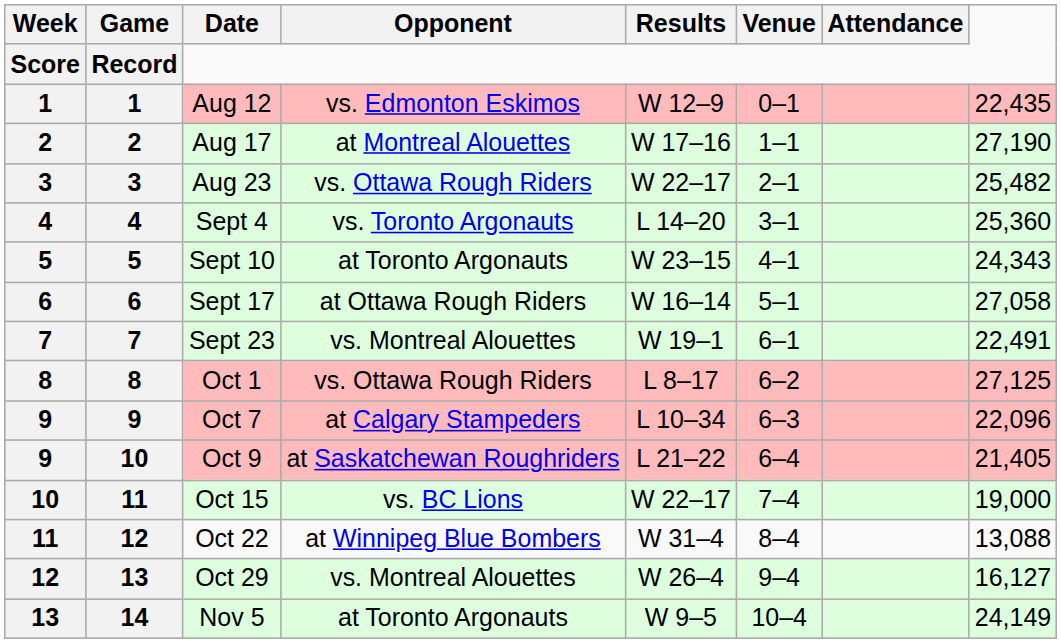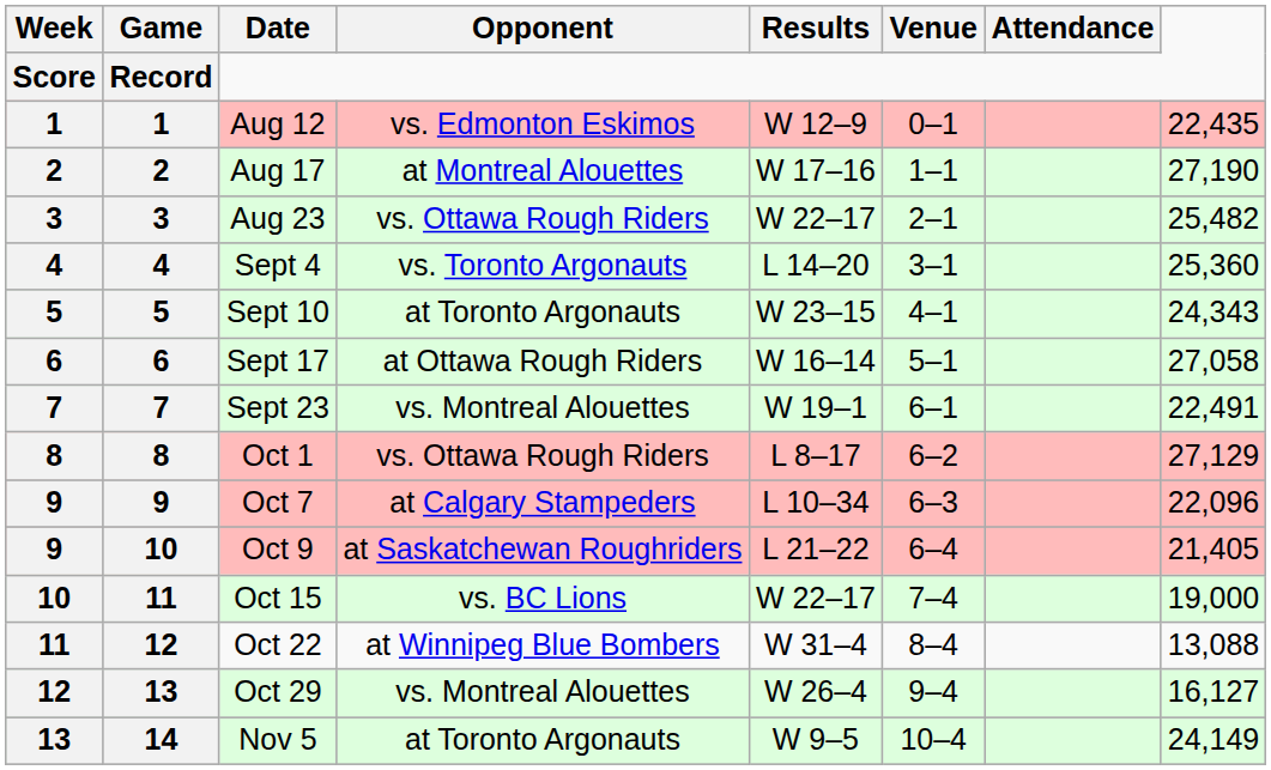 <table class="wikitable" style="text-align:center">
 <tr>
 <th>Week</th>
 <th>Game</th>
 <th>Date</th>
 <th>Opponent</th>
 <th>Results</th>
 <th>Venue</th>
 <th>Attendance</th>
 </tr>
 <tr>
 <th>Score</th>
 <th>Record</th>
 </tr>
 <tr style="background:#ffbbbb">
 <th>1</th>
 <th>1</th>
 <td>Aug 12</td>
 <td>vs. <a href='#'>Edmonton Eskimos</a></td>
 <td>W 12–9</td>
 <td>0–1</td>
 <td></td>
 <td>22,435</td>
 </tr>
 <tr style="background:#ddffdd">
 <th>2</th>
 <th>2</th>
 <td>Aug 17</td>
 <td>at <a href='#'>Montreal Alouettes</a></td>
 <td>W 17–16</td>
 <td>1–1</td>
 <td></td>
 <td>27,190</td>
 </tr>
 <tr style="background:#ddffdd">
 <th>3</th>
 <th>3</th>
 <td>Aug 23</td>
 <td>vs. <a href='#'>Ottawa Rough Riders</a></td>
 <td>W 22–17</td>
 <td>2–1</td>
 <td></td>
 <td>25,482</td>
 </tr>
 <tr style="background:#ddffdd">
 <th>4</th>
 <th>4</th>
 <td>Sept 4</td>
 <td>vs. <a href='#'>Toronto Argonauts</a></td>
 <td>L 14–20</td>
 <td>3–1</td>
 <td></td>
 <td>25,360</td>
 </tr>
 <tr style="background:#ddffdd">
 <th>5</th>
 <th>5</th>
 <td>Sept 10</td>
 <td>at Toronto Argonauts</td>
 <td>W 23–15</td>
 <td>4–1</td>
 <td></td>
 <td>24,343</td>
 </tr>
 <tr style="background:#ddffdd">
 <th>6</th>
 <th>6</th>
 <td>Sept 17</td>
 <td>at Ottawa Rough Riders</td>
 <td>W 16–14</td>
 <td>5–1</td>
 <td></td>
 <td>27,058</td>
 </tr>
 <tr style="background:#ddffdd">
 <th>7</th>
 <th>7</th>
 <td>Sept 23</td>
 <td>vs. Montreal Alouettes</td>
 <td>W 19–1</td>
 <td>6–1</td>
 <td></td>
 <td>22,491</td>
 </tr>
 <tr style="background:#ffbbbb">
 <th>8</th>
 <th>8</th>
 <td>Oct 1</td>
 <td>vs. Ottawa Rough Riders</td>
 <td>L 8–17</td>
 <td>6–2</td>
 <td></td>
-<td>27,125</td>
+<td>27,129</td>
 </tr>
 <tr style="background:#ffbbbb">
 <th>9</th>
 <th>9</th>
 <td>Oct 7</td>
 <td>at <a href='#'>Calgary Stampeders</a></td>
 <td>L 10–34</td>
 <td>6–3</td>
 <td></td>
 <td>22,096</td>
 </tr>
 <tr style="background:#ffbbbb">
 <th>9</th>
 <th>10</th>
 <td>Oct 9</td>
 <td>at <a href='#'>Saskatchewan Roughriders</a></td>
 <td>L 21–22</td>
 <td>6–4</td>
 <td></td>
 <td>21,405</td>
 </tr>
 <tr style="background:#ddffdd">
 <th>10</th>
 <th>11</th>
 <td>Oct 15</td>
 <td>vs. <a href='#'>BC Lions</a></td>
 <td>W 22–17</td>
 <td>7–4</td>
 <td></td>
 <td>19,000</td>
 </tr>
 <tr style="background:#dffdd">
 <th>11</th>
 <th>12</th>
 <td>Oct 22</td>
 <td>at <a href='#'>Winnipeg Blue Bombers</a></td>
 <td>W 31–4</td>
 <td>8–4</td>
 <td></td>
 <td>13,088</td>
 </tr>
 <tr style="background:#ddffdd">
 <th>12</th>
 <th>13</th>
 <td>Oct 29</td>
 <td>vs. Montreal Alouettes</td>
 <td>W 26–4</td>
 <td>9–4</td>
 <td></td>
 <td>16,127</td>
 </tr>
 <tr style="background:#ddffdd">
 <th>13</th>
 <th>14</th>
 <td>Nov 5</td>
 <td>at Toronto Argonauts</td>
 <td>W 9–5</td>
 <td>10–4</td>
 <td></td>
 <td>24,149</td>
 </tr>
 </table>
